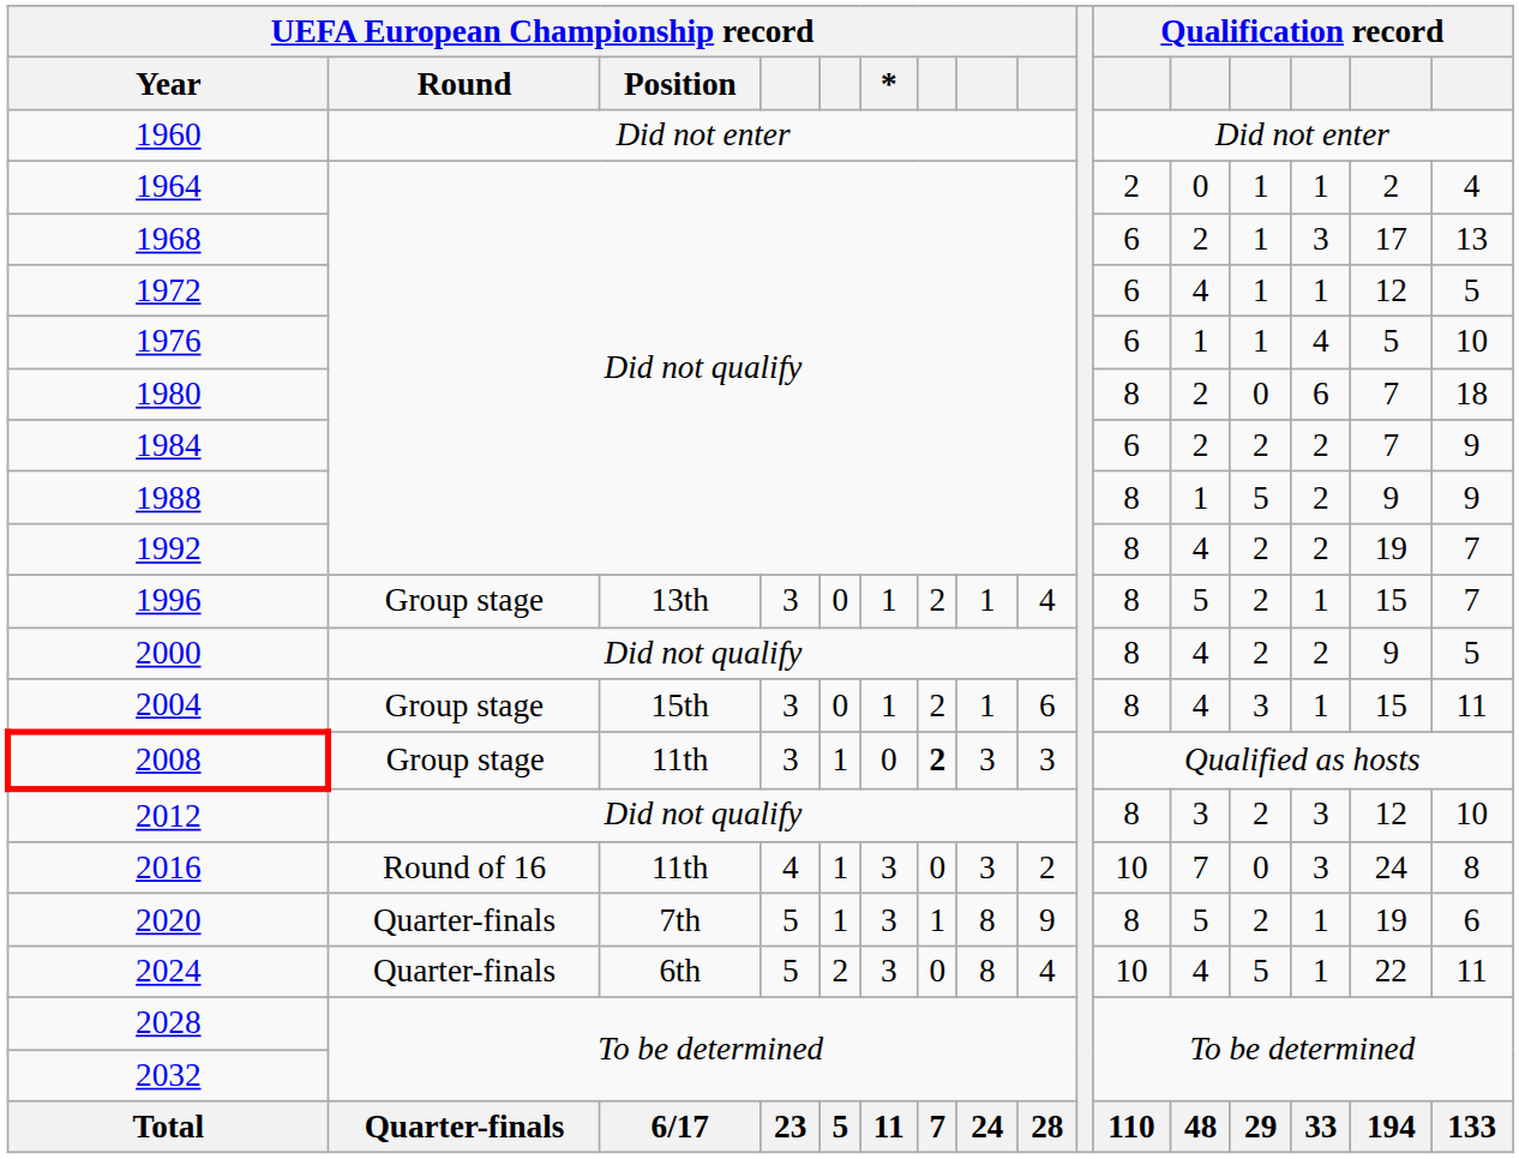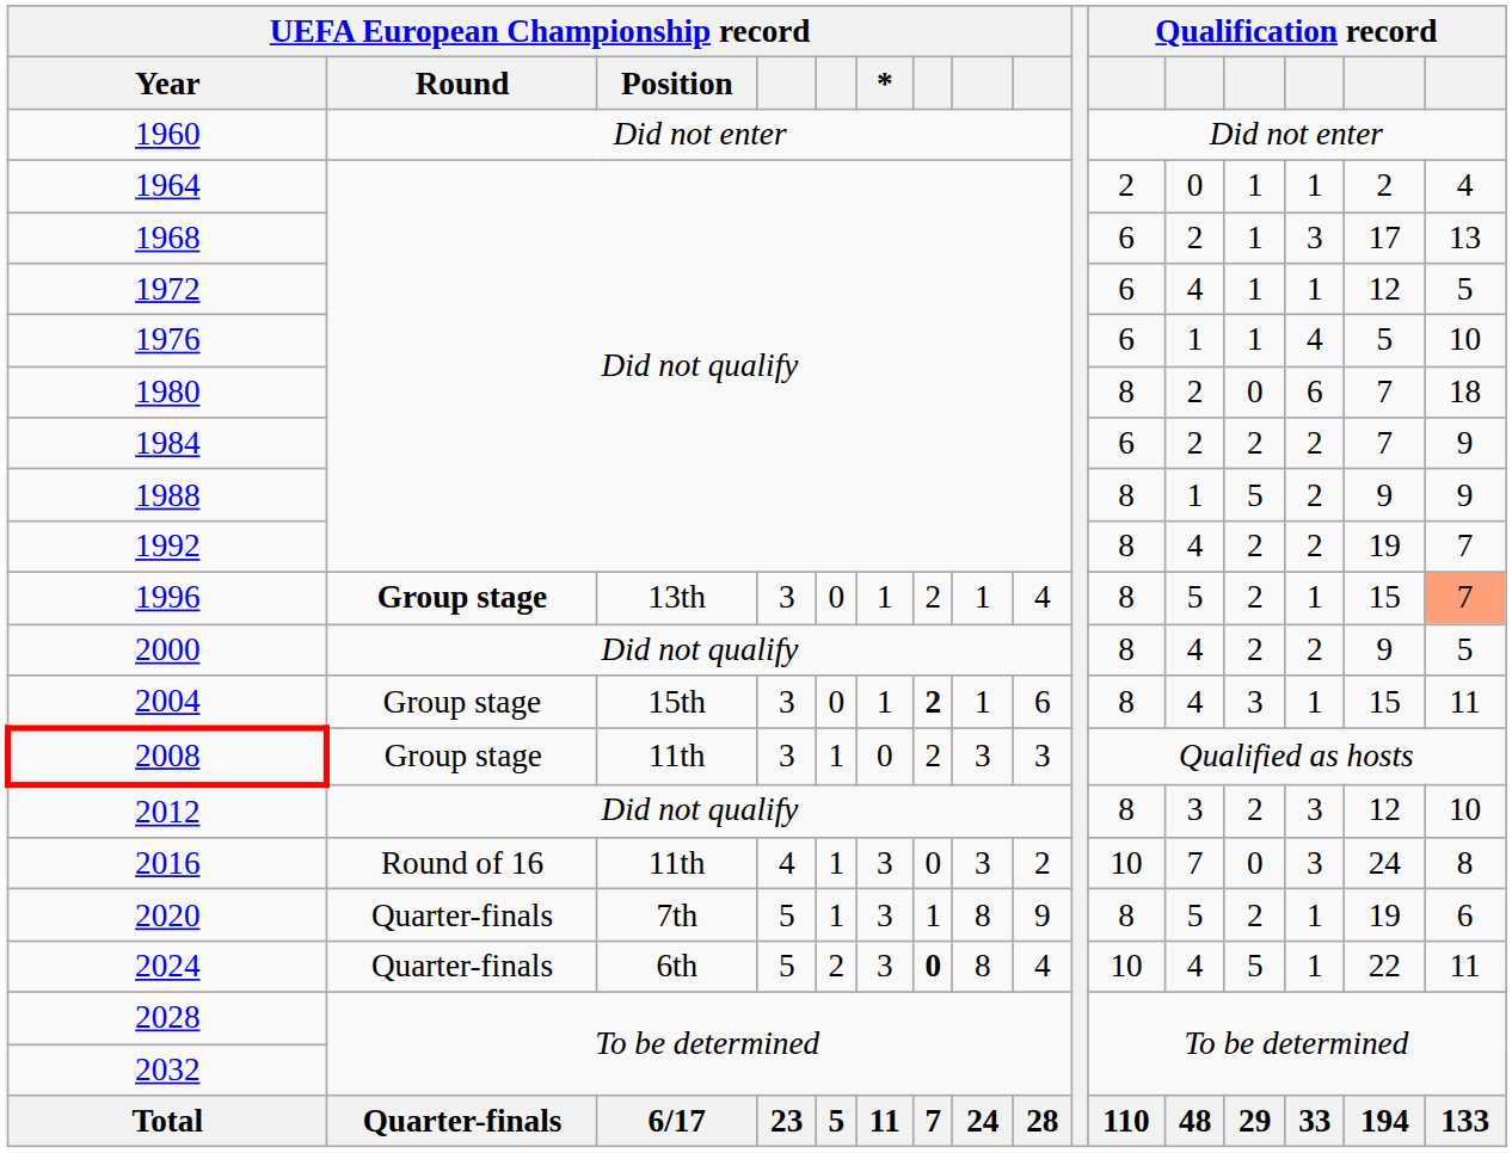 <table class="wikitable" style="text-align: center;">
 <tr>
 <th colspan=9><a href='#'>UEFA European Championship</a> record</th>
 <th style="width:1%;" rowspan=22></th>
 <th colspan=6><a href='#'>Qualification</a> record</th>
 </tr>
 <tr>
 <th width=150>Year</th>
 <th>Round</th>
 <th>Position</th>
 <th></th>
 <th></th>
 <th>*</th>
 <th></th>
 <th></th>
 <th></th>
 <th></th>
 <th></th>
 <th></th>
 <th></th>
 <th></th>
 <th></th>
 </tr>
 <tr>
 <td> <a href='#'>1960</a></td>
 <td colspan=8><em>Did not enter</em></td>
 <td colspan=6><em>Did not enter</em></td>
 </tr>
 <tr>
 <td> <a href='#'>1964</a></td>
 <td colspan=8 rowspan=8><em>Did not qualify</em></td>
 <td>2</td>
 <td>0</td>
 <td>1</td>
 <td>1</td>
 <td>2</td>
 <td>4</td>
 </tr>
 <tr>
 <td> <a href='#'>1968</a></td>
 <td>6</td>
 <td>2</td>
 <td>1</td>
 <td>3</td>
 <td>17</td>
 <td>13</td>
 </tr>
 <tr>
 <td> <a href='#'>1972</a></td>
 <td>6</td>
 <td>4</td>
 <td>1</td>
 <td>1</td>
 <td>12</td>
 <td>5</td>
 </tr>
 <tr>
 <td> <a href='#'>1976</a></td>
 <td>6</td>
 <td>1</td>
 <td>1</td>
 <td>4</td>
 <td>5</td>
 <td>10</td>
 </tr>
 <tr>
 <td> <a href='#'>1980</a></td>
 <td>8</td>
 <td>2</td>
 <td>0</td>
 <td>6</td>
 <td>7</td>
 <td>18</td>
 </tr>
 <tr>
 <td> <a href='#'>1984</a></td>
 <td>6</td>
 <td>2</td>
 <td>2</td>
 <td>2</td>
 <td>7</td>
 <td>9</td>
 </tr>
 <tr>
 <td> <a href='#'>1988</a></td>
 <td>8</td>
 <td>1</td>
 <td>5</td>
 <td>2</td>
 <td>9</td>
 <td>9</td>
 </tr>
 <tr>
 <td> <a href='#'>1992</a></td>
 <td>8</td>
 <td>4</td>
 <td>2</td>
 <td>2</td>
 <td>19</td>
 <td>7</td>
 </tr>
 <tr>
 <td> <a href='#'>1996</a></td>
-<td>Group stage</td>
+<td><strong>Group stage</strong></td>
 <td>13th</td>
 <td>3</td>
 <td>0</td>
 <td>1</td>
 <td>2</td>
 <td>1</td>
 <td>4</td>
 <td>8</td>
 <td>5</td>
 <td>2</td>
 <td>1</td>
 <td>15</td>
-<td>7</td>
+<td style="background: lightsalmon;">7</td>
 </tr>
 <tr>
 <td>  <a href='#'>2000</a></td>
 <td colspan=8><em>Did not qualify</em></td>
 <td>8</td>
 <td>4</td>
 <td>2</td>
 <td>2</td>
 <td>9</td>
 <td>5</td>
 </tr>
 <tr>
 <td> <a href='#'>2004</a></td>
 <td>Group stage</td>
 <td>15th</td>
 <td>3</td>
 <td>0</td>
 <td>1</td>
-<td>2</td>
+<td><strong>2</strong></td>
 <td>1</td>
 <td>6</td>
 <td>8</td>
 <td>4</td>
 <td>3</td>
 <td>1</td>
 <td>15</td>
 <td>11</td>
 </tr>
 <tr>
 <td style="border: 3px solid red">  <a href='#'>2008</a></td>
 <td>Group stage</td>
 <td>11th</td>
 <td>3</td>
 <td>1</td>
 <td>0</td>
-<td><strong>2</strong></td>
+<td>2</td>
 <td>3</td>
 <td>3</td>
 <td colspan=6><em>Qualified as hosts</em></td>
 </tr>
 <tr>
 <td>  <a href='#'>2012</a></td>
 <td colspan=8><em>Did not qualify</em></td>
 <td>8</td>
 <td>3</td>
 <td>2</td>
 <td>3</td>
 <td>12</td>
 <td>10</td>
 </tr>
 <tr>
 <td> <a href='#'>2016</a></td>
 <td>Round of 16</td>
 <td>11th</td>
 <td>4</td>
 <td>1</td>
 <td>3</td>
 <td>0</td>
 <td>3</td>
 <td>2</td>
 <td>10</td>
 <td>7</td>
 <td>0</td>
 <td>3</td>
 <td>24</td>
 <td>8</td>
 </tr>
 <tr>
 <td> <a href='#'>2020</a></td>
 <td>Quarter-finals</td>
 <td>7th</td>
 <td>5</td>
 <td>1</td>
 <td>3</td>
 <td>1</td>
 <td>8</td>
 <td>9</td>
 <td>8</td>
 <td>5</td>
 <td>2</td>
 <td>1</td>
 <td>19</td>
 <td>6</td>
 </tr>
 <tr>
 <td> <a href='#'>2024</a></td>
 <td>Quarter-finals</td>
 <td>6th</td>
 <td>5</td>
 <td>2</td>
 <td>3</td>
-<td>0</td>
+<td><strong>0</strong></td>
 <td>8</td>
 <td>4</td>
 <td>10</td>
 <td>4</td>
 <td>5</td>
 <td>1</td>
 <td>22</td>
 <td>11</td>
 </tr>
 <tr>
 <td>  <a href='#'>2028</a></td>
 <td colspan=9 rowspan=2><em>To be determined</em></td>
 <td colspan=7 rowspan=2><em>To be determined</em></td>
 </tr>
 <tr>
 <td>  <a href='#'>2032</a></td>
 </tr>
 <tr>
 <th>Total</th>
 <th>Quarter-finals</th>
 <th>6/17</th>
 <th>23</th>
 <th>5</th>
 <th>11</th>
 <th>7</th>
 <th>24</th>
 <th>28</th>
 <th>110</th>
 <th>48</th>
 <th>29</th>
 <th>33</th>
 <th>194</th>
 <th>133</th>
 </tr>
 </table>
